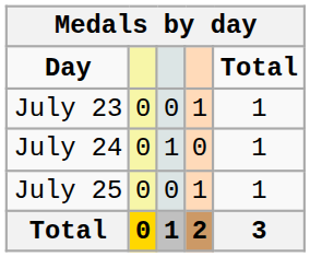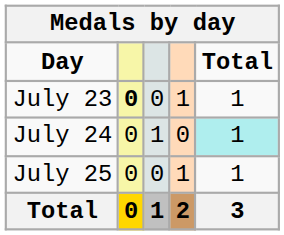 <table class="wikitable" style="font-size:85%; float:right">
 <tr align=center>
 <th colspan=7><strong>Medals by day</strong></th>
 </tr>
 <tr align=center>
 <td><strong>Day</strong></td>
 <td style="background:#f7f6a8;"></td>
 <td style="background:#dce5e5;"></td>
 <td style="background:#ffdab9;"></td>
 <td><strong>Total</strong></td>
 </tr>
 <tr align=center>
 <td>July 23</td>
-<td style="background:#f7f6a8;">0</td>
+<td style="background:#f7f6a8;"><strong>0</strong></td>
 <td style="background:#dce5e5;">0</td>
 <td style="background:#ffdab9;">1</td>
 <td>1</td>
 </tr>
 <tr align=center>
 <td>July 24</td>
 <td style="background:#f7f6a8;">0</td>
 <td style="background:#dce5e5;">1</td>
 <td style="background:#ffdab9;">0</td>
-<td>1</td>
+<td style="background: paleturquoise;">1</td>
 </tr>
 <tr align=center>
 <td>July 25</td>
 <td style="background:#f7f6a8;">0</td>
 <td style="background:#dce5e5;">0</td>
 <td style="background:#ffdab9;">1</td>
 <td>1</td>
 </tr>
 <tr align=center>
 <th><strong>Total</strong></th>
 <th style="background:gold;"><strong>0</strong></th>
 <th style="background:silver;"><strong>1</strong></th>
 <th style="background:#c96;"><strong>2</strong></th>
 <th><strong>3</strong></th>
 </tr>
 </table>
